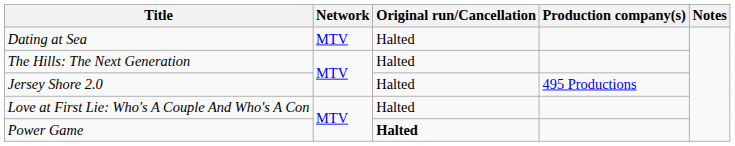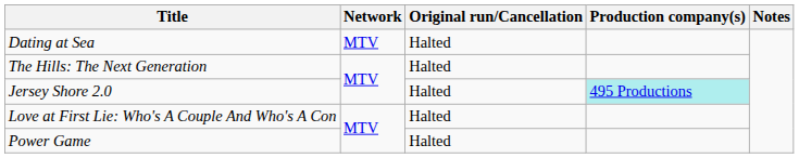 <table class="wikitable sortable">
 <tr>
 <th scope="col">Title</th>
 <th scope="col">Network</th>
 <th scope="col">Original run/Cancellation</th>
 <th scope="col">Production company(s)</th>
 <th scope="col">Notes</th>
 </tr>
 <tr>
 <td><em>Dating at Sea</em></td>
 <td><a href='#'>MTV</a></td>
 <td>Halted</td>
 <td></td>
 </tr>
 <tr>
 <td><em>The Hills: The Next Generation</em></td>
 <td rowspan="2"><a href='#'>MTV</a></td>
 <td>Halted</td>
 <td Paramount+></td>
 </tr>
 <tr>
 <td><em>Jersey Shore 2.0</em></td>
 <td>Halted</td>
-<td><a href='#'>495 Productions</a></td>
+<td style="background: paleturquoise;"><a href='#'>495 Productions</a></td>
 </tr>
 <tr>
 <td><em>Love at First Lie: Who's A Couple And Who's A Con</em></td>
 <td rowspan="2"><a href='#'>MTV</a></td>
 <td>Halted</td>
 <td></td>
 </tr>
 <tr>
 <td><em>Power Game</em></td>
-<td><strong>Halted</strong></td>
+<td>Halted</td>
 <td></td>
 </tr>
 </table>
